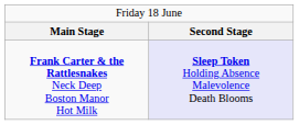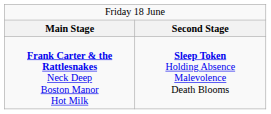 <table class="wikitable">
 <tr>
 <td colspan="4" style="text-align:center;">Friday 18 June</td>
 </tr>
 <tr>
 <th>Main Stage</th>
 <th>Second Stage</th>
 </tr>
 <tr>
 <td style="text-align:center; vertical-align:top; width:200px;"><br><strong><a href='#'>Frank Carter & the Rattlesnakes</a></strong><br> <a href='#'>Neck Deep</a> <br> <a href='#'>Boston Manor</a> <br> <a href='#'>Hot Milk</a> <br></td>
-<td style="background: lavender; text-align:center; vertical-align:top; width:200px;"><br><strong><a href='#'>Sleep Token</a></strong> <br> <a href='#'>Holding Absence</a> <br> <a href='#'>Malevolence</a>  <br> Death Blooms <br></td>
+<td style="text-align:center; vertical-align:top; width:200px;"><br><strong><a href='#'>Sleep Token</a></strong> <br> <a href='#'>Holding Absence</a> <br> <a href='#'>Malevolence</a>  <br> Death Blooms <br></td>
 </tr>
 </table>
